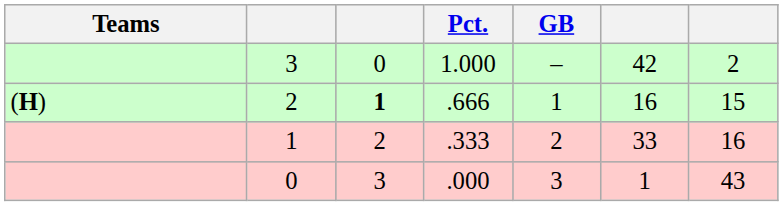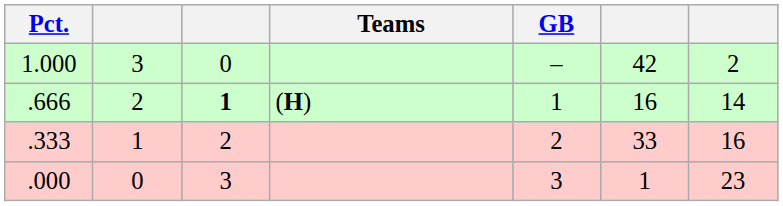 <table class="wikitable" style="text-align:center;">
 <tr>
-<th width=150px>Teams</th>
+<th width=50px><a href='#'>Pct.</a></th>
 <th width=50px></th>
 <th width=50px></th>
-<th width=50px><a href='#'>Pct.</a></th>
+<th width=150px>Teams</th>
 <th width=50px><a href='#'>GB</a></th>
 <th width=50px></th>
 <th width=50px></th>
 </tr>
 <tr style="background-color:#cfc">
-<td align=left></td>
+<td>1.000</td>
 <td>3</td>
 <td>0</td>
-<td>1.000</td>
+<td align=left></td>
 <td>–</td>
 <td>42</td>
 <td>2</td>
 </tr>
 <tr style="background-color:#cfc">
-<td align=left>(<strong>H</strong>)</td>
+<td>.666</td>
 <td>2</td>
 <td><strong>1</strong></td>
-<td>.666</td>
+<td align=left>(<strong>H</strong>)</td>
 <td>1</td>
 <td>16</td>
-<td>15</td>
+<td>14</td>
 </tr>
 <tr style="background-color:#fcc">
-<td align=left></td>
+<td>.333</td>
 <td>1</td>
 <td>2</td>
-<td>.333</td>
+<td align=left></td>
 <td>2</td>
 <td>33</td>
 <td>16</td>
 </tr>
 <tr style="background-color:#fcc">
-<td align=left></td>
+<td>.000</td>
 <td>0</td>
 <td>3</td>
-<td>.000</td>
+<td align=left></td>
 <td>3</td>
 <td>1</td>
-<td>43</td>
+<td>23</td>
 </tr>
 </table>
